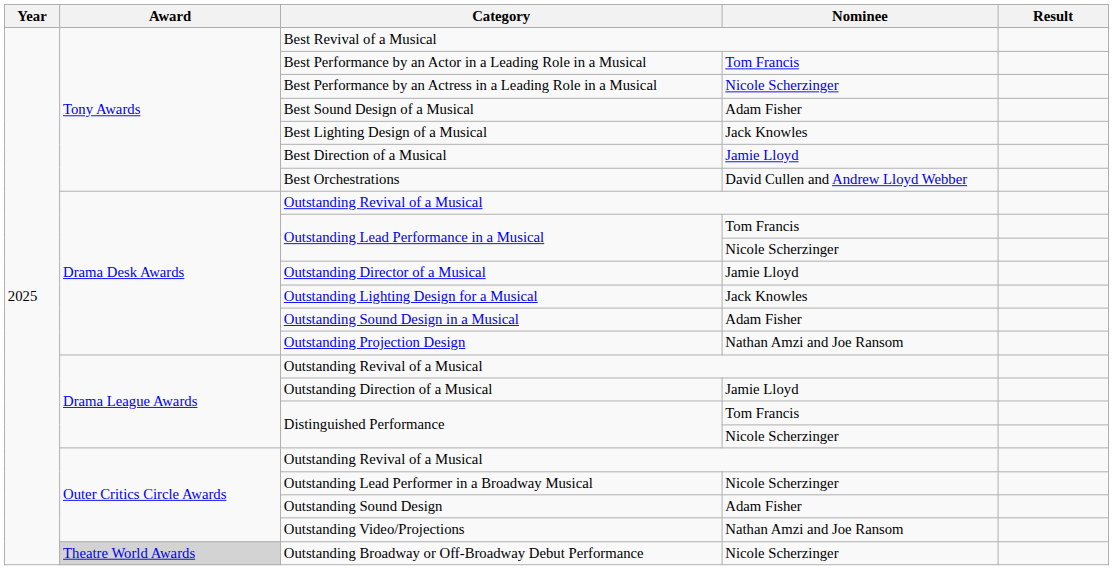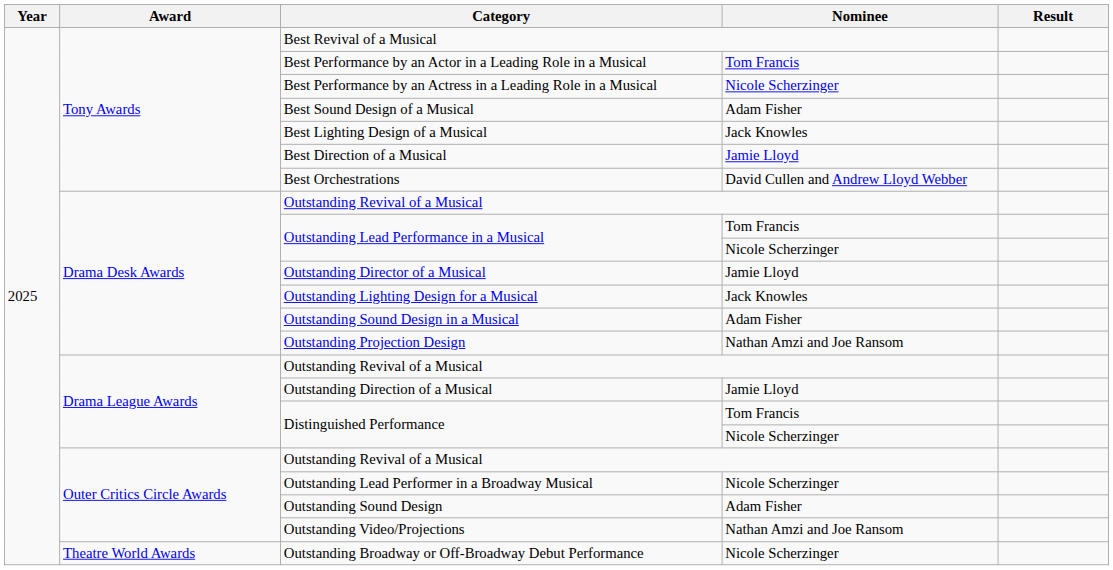 <table class="wikitable" style="width:95%;">
 <tr>
 <th style="width:5%;">Year</th>
 <th style="width:20%;">Award</th>
 <th style="width:40%;">Category</th>
 <th style="width:25%;">Nominee</th>
 <th style="width:10%;">Result</th>
 </tr>
 <tr>
 <td rowspan="25">2025</td>
 <td rowspan="7"><a href='#'>Tony Awards</a></td>
 <td colspan="2">Best Revival of a Musical</td>
 <td></td>
 </tr>
 <tr>
 <td>Best Performance by an Actor in a Leading Role in a Musical</td>
 <td><a href='#'>Tom Francis</a></td>
 <td></td>
 </tr>
 <tr>
 <td>Best Performance by an Actress in a Leading Role in a Musical</td>
 <td><a href='#'>Nicole Scherzinger</a></td>
 <td></td>
 </tr>
 <tr>
 <td>Best Sound Design of a Musical</td>
 <td>Adam Fisher</td>
 <td></td>
 </tr>
 <tr>
 <td>Best Lighting Design of a Musical</td>
 <td>Jack Knowles</td>
 <td></td>
 </tr>
 <tr>
 <td>Best Direction of a Musical</td>
 <td><a href='#'>Jamie Lloyd</a></td>
 <td></td>
 </tr>
 <tr>
 <td>Best Orchestrations</td>
 <td>David Cullen and <a href='#'>Andrew Lloyd Webber</a></td>
 <td></td>
 </tr>
 <tr>
 <td rowspan="7"><a href='#'>Drama Desk Awards</a></td>
 <td colspan="2'"><a href='#'>Outstanding Revival of a Musical</a></td>
 <td></td>
 </tr>
 <tr>
 <td rowspan="2"><a href='#'>Outstanding Lead Performance in a Musical</a></td>
 <td>Tom Francis</td>
 <td></td>
 </tr>
 <tr>
 <td>Nicole Scherzinger</td>
 <td></td>
 </tr>
 <tr>
 <td><a href='#'>Outstanding Director of a Musical</a></td>
 <td>Jamie Lloyd</td>
 <td></td>
 </tr>
 <tr>
 <td><a href='#'>Outstanding Lighting Design for a Musical</a></td>
 <td>Jack Knowles</td>
 <td></td>
 </tr>
 <tr>
 <td><a href='#'>Outstanding Sound Design in a Musical</a></td>
 <td>Adam Fisher</td>
 <td></td>
 </tr>
 <tr>
 <td><a href='#'>Outstanding Projection Design</a></td>
 <td>Nathan Amzi and Joe Ransom</td>
 <td></td>
 </tr>
 <tr>
 <td rowspan="4"><a href='#'>Drama League Awards</a></td>
 <td colspan="2">Outstanding Revival of a Musical</td>
 <td></td>
 </tr>
 <tr>
 <td>Outstanding Direction of a Musical</td>
 <td>Jamie Lloyd</td>
 <td></td>
 </tr>
 <tr>
 <td rowspan="2">Distinguished Performance</td>
 <td>Tom Francis</td>
 <td></td>
 </tr>
 <tr>
 <td>Nicole Scherzinger</td>
 <td></td>
 </tr>
 <tr>
 <td rowspan="4"><a href='#'>Outer Critics Circle Awards</a></td>
 <td colspan="2">Outstanding Revival of a Musical</td>
 <td></td>
 </tr>
 <tr>
 <td>Outstanding Lead Performer in a Broadway Musical</td>
 <td>Nicole Scherzinger</td>
 <td></td>
 </tr>
 <tr>
 <td>Outstanding Sound Design</td>
 <td>Adam Fisher</td>
 <td></td>
 </tr>
 <tr>
 <td>Outstanding Video/Projections</td>
 <td>Nathan Amzi and Joe Ransom</td>
 <td></td>
 </tr>
 <tr>
-<td style="background: lightgrey;"><a href='#'>Theatre World Awards</a></td>
+<td><a href='#'>Theatre World Awards</a></td>
 <td>Outstanding Broadway or Off-Broadway Debut Performance</td>
 <td>Nicole Scherzinger</td>
 <td></td>
 </tr>
 </table>
